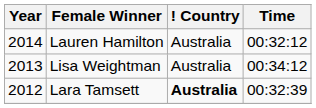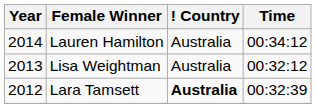 <table class="wikitable">
 <tr>
 <th>Year</th>
 <th>Female Winner </th>
 <th>! Country</th>
 <th>Time</th>
 </tr>
 <tr>
 <td>2014</td>
 <td>Lauren Hamilton</td>
 <td>Australia</td>
-<td>00:32:12</td>
+<td>00:34:12</td>
 </tr>
 <tr>
 <td>2013</td>
 <td>Lisa Weightman</td>
 <td>Australia</td>
-<td>00:34:12</td>
+<td>00:32:12</td>
 </tr>
 <tr>
 <td>2012</td>
 <td>Lara Tamsett</td>
 <td><strong>Australia</strong></td>
 <td>00:32:39</td>
 </tr>
 <tr>
 </tr>
 </table>
